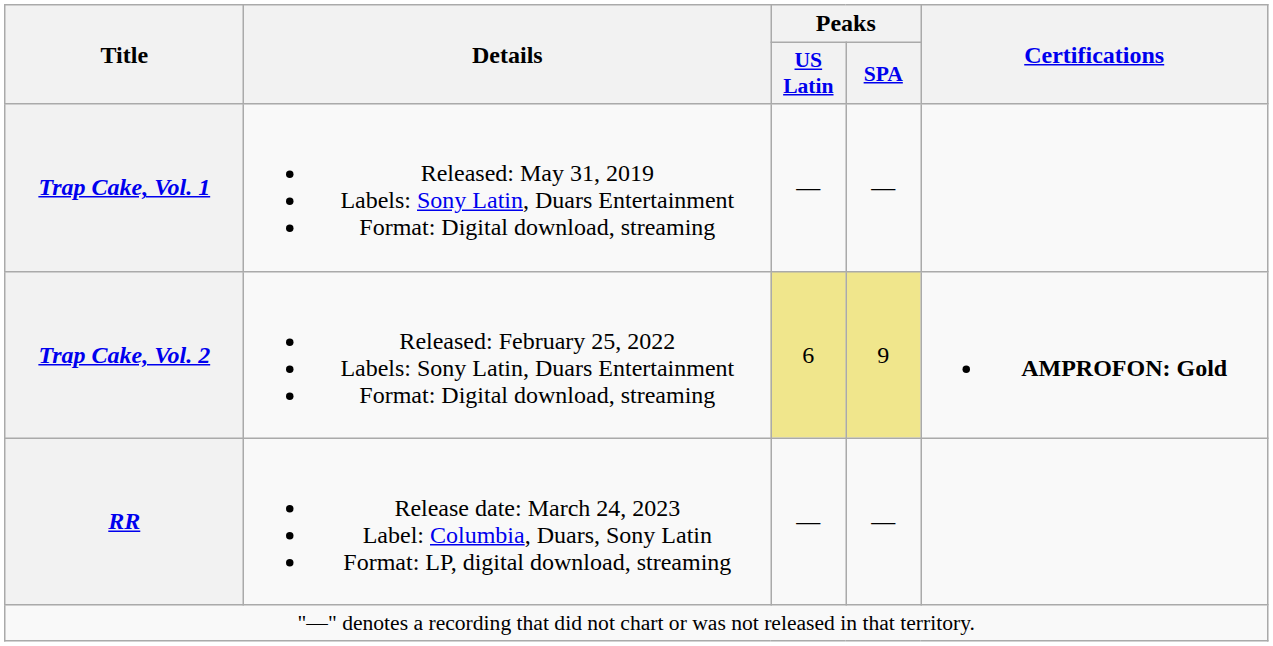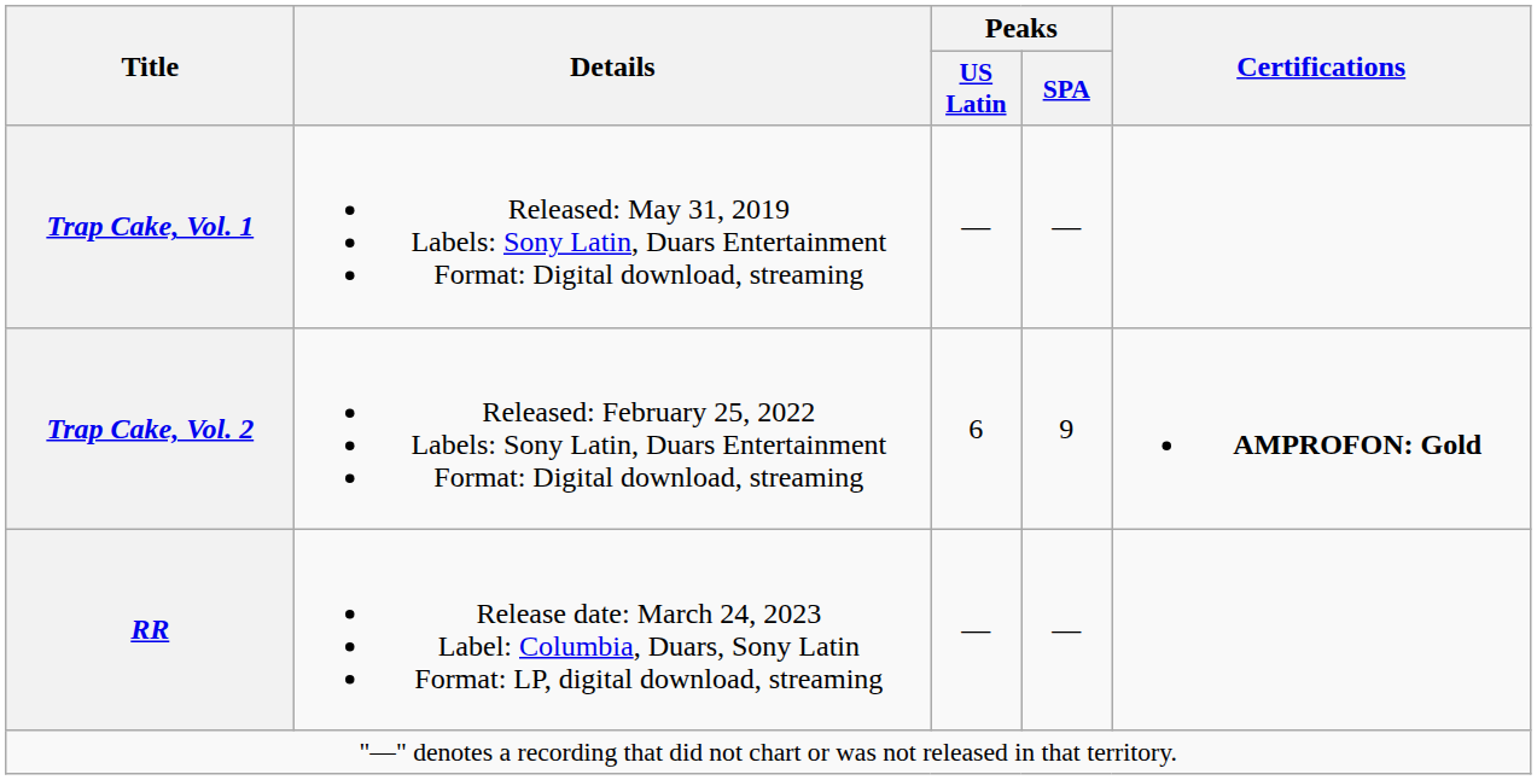 <table class="wikitable plainrowheaders" style="text-align:center;">
 <tr>
 <th scope="col" rowspan="2" style="width:9.5em;">Title</th>
 <th scope="col" rowspan="2" style="width:21.5em;">Details</th>
 <th scope="col" colspan="2">Peaks</th>
 <th scope="col" rowspan="2" style="width:14em;"><a href='#'>Certifications</a></th>
 </tr>
 <tr>
 <th scope="col" style="width:3em;font-size:90%;"><a href='#'>US<br>Latin</a><br></th>
 <th scope="col" style="width:3em;font-size:90%;"><a href='#'>SPA</a><br></th>
 </tr>
 <tr>
 <th scope="row"><em><a href='#'>Trap Cake, Vol. 1</a></em></th>
 <td><br><ul><li>Released: May 31, 2019</li><li>Labels: <a href='#'>Sony Latin</a>, Duars Entertainment</li><li>Format: Digital download, streaming</li></ul></td>
 <td>—</td>
 <td>—</td>
 <td></td>
 </tr>
 <tr>
 <th scope="row"><em><a href='#'>Trap Cake, Vol. 2</a></em></th>
 <td><br><ul><li>Released: February 25, 2022</li><li>Labels: Sony Latin, Duars Entertainment</li><li>Format: Digital download, streaming</li></ul></td>
-<td style="background: khaki;">6</td>
-<td style="background: khaki;">9</td>
+<td>6</td>
+<td>9</td>
 <td><strong><br><ul><li>AMPROFON: Gold</li></ul></strong></td>
 </tr>
 <tr>
 <th scope="row"><em><a href='#'>RR</a></em><br></th>
 <td><br><ul><li>Release date: March 24, 2023</li><li>Label: <a href='#'>Columbia</a>, Duars, Sony Latin</li><li>Format: LP, digital download, streaming</li></ul></td>
 <td>—</td>
 <td>—</td>
 <td></td>
 </tr>
 <tr>
 <td colspan="14" style="font-size:90%">"—" denotes a recording that did not chart or was not released in that territory.</td>
 </tr>
 </table>
